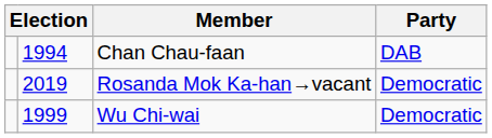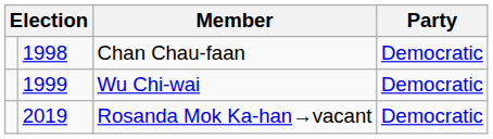 <table class="wikitable">
 <tr>
 <th colspan="2">Election</th>
 <th>Member</th>
 <th>Party</th>
 </tr>
 <tr>
 <td style="background-color: "></td>
-<td><a href='#'>1994</a></td>
+<td><a href='#'>1998</a></td>
 <td>Chan Chau-faan</td>
-<td><a href='#'>DAB</a></td>
-</tr>
-<tr>
-<td style="background-color: "></td>
-<td><a href='#'>2019</a></td>
-<td><a href='#'>Rosanda Mok Ka-han</a>→vacant</td>
 <td><a href='#'>Democratic</a></td>
 </tr>
 <tr>
 <td style="background-color: "></td>
 <td><a href='#'>1999</a></td>
 <td><a href='#'>Wu Chi-wai</a></td>
 <td><a href='#'>Democratic</a></td>
 </tr>
+<tr>
+<td style="background-color: "></td>
+<td><a href='#'>2019</a></td>
+<td><a href='#'>Rosanda Mok Ka-han</a>→vacant</td>
+<td><a href='#'>Democratic</a></td>
+</tr>
 </table>
